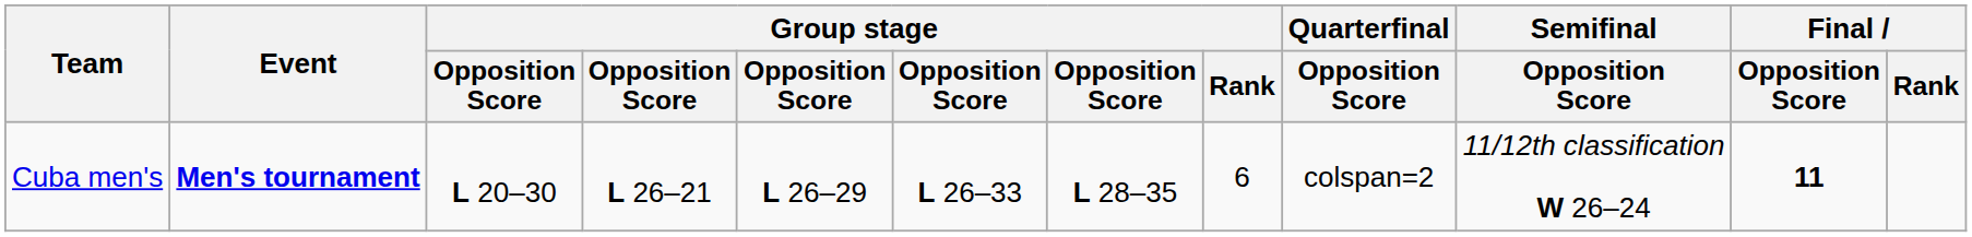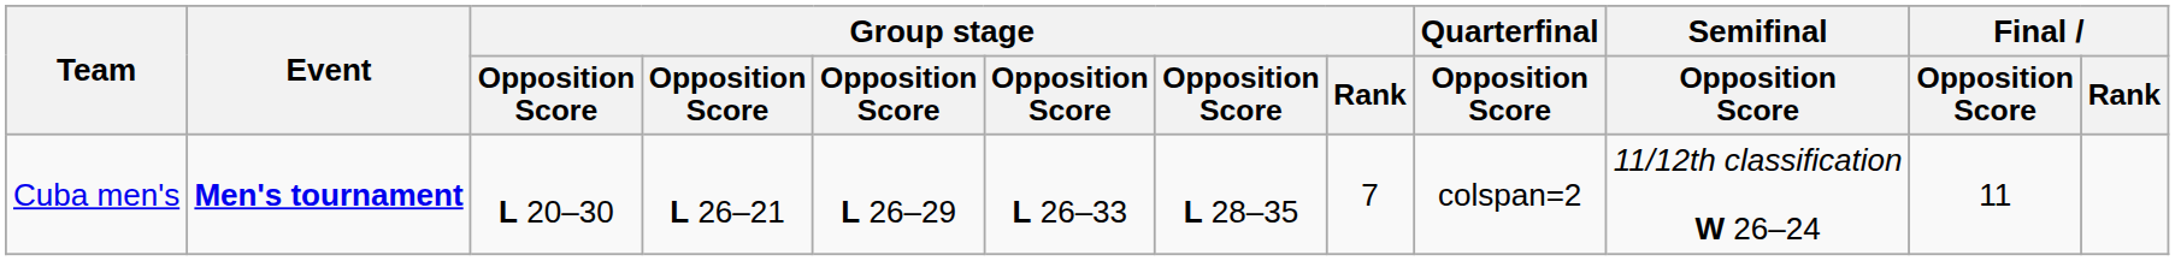 <table class="wikitable" style="font-size:90%">
 <tr>
 <th rowspan=2>Team</th>
 <th rowspan=2>Event</th>
 <th colspan=6>Group stage</th>
 <th>Quarterfinal</th>
 <th>Semifinal</th>
 <th colspan=2>Final / </th>
 </tr>
 <tr style="font-size:95%">
 <th>Opposition<br>Score</th>
 <th>Opposition<br>Score</th>
 <th>Opposition<br>Score</th>
 <th>Opposition<br>Score</th>
 <th>Opposition<br>Score</th>
 <th>Rank</th>
 <th>Opposition<br>Score</th>
 <th>Opposition<br>Score</th>
 <th>Opposition<br>Score</th>
 <th>Rank</th>
 </tr>
 <tr align=center>
 <td align=left><a href='#'>Cuba men's</a></td>
 <td align=left><strong><a href='#'>Men's tournament</a></strong></td>
 <td><br><strong>L</strong> 20–30</td>
 <td><br><strong>L</strong> 26–21</td>
 <td><br><strong>L</strong> 26–29</td>
 <td><br><strong>L</strong> 26–33</td>
 <td><br><strong>L</strong> 28–35</td>
-<td>6</td>
+<td>7</td>
 <td>colspan=2 </td>
 <td><em>11/12th classification</em><br><br><strong>W</strong> 26–24</td>
-<td><strong>11</strong></td>
+<td>11</td>
 </tr>
 </table>
